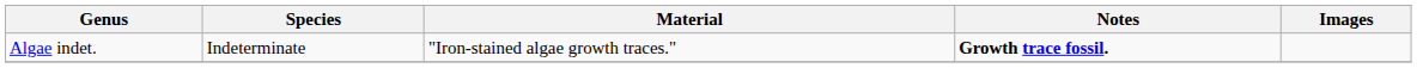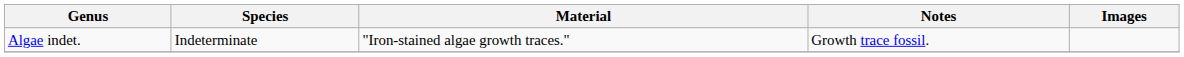 <table class="wikitable" align="center" width="100%">
 <tr>
 <th>Genus</th>
 <th>Species</th>
 <th>Material</th>
 <th>Notes</th>
 <th>Images</th>
 </tr>
 <tr>
 <td><a href='#'>Algae</a> indet.</td>
 <td>Indeterminate</td>
 <td>"Iron-stained algae growth traces."</td>
-<td><strong>Growth <a href='#'>trace fossil</a>.</strong></td>
+<td>Growth <a href='#'>trace fossil</a>.</td>
 <td></td>
 </tr>
 <tr>
 </tr>
 </table>
